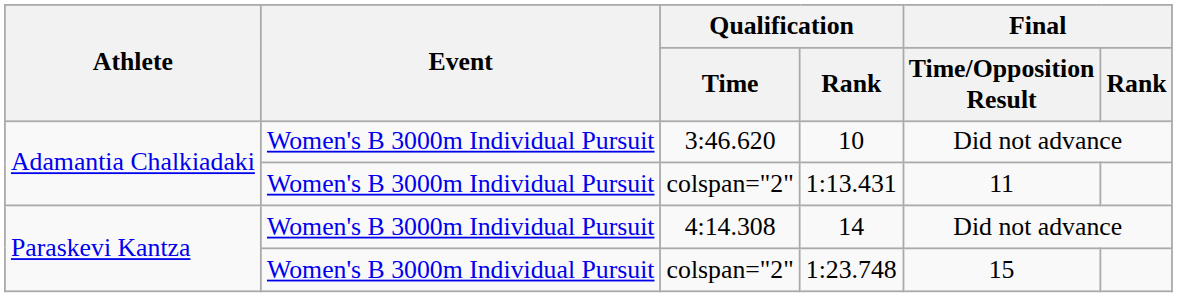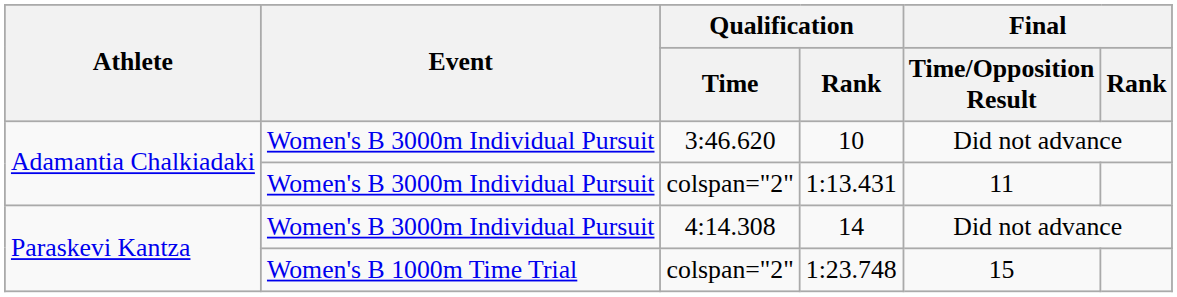 <table class=wikitable style="font-size:90%">
 <tr>
 <th rowspan="2">Athlete</th>
 <th rowspan="2">Event</th>
 <th colspan="2">Qualification</th>
 <th colspan="2">Final</th>
 </tr>
 <tr>
 <th>Time</th>
 <th>Rank</th>
 <th>Time/Opposition<br>Result</th>
 <th>Rank</th>
 </tr>
 <tr align=center>
 <td align=left rowspan=2><a href='#'>Adamantia Chalkiadaki</a></td>
 <td align=left><a href='#'>Women's B 3000m Individual Pursuit</a></td>
 <td>3:46.620</td>
 <td>10</td>
 <td colspan=2>Did not advance</td>
 </tr>
 <tr align=center>
 <td align=left><a href='#'>Women's B 3000m Individual Pursuit</a></td>
 <td>colspan="2" </td>
 <td>1:13.431</td>
 <td>11</td>
 </tr>
 <tr align=center>
 <td align=left rowspan=2><a href='#'>Paraskevi Kantza</a></td>
 <td align=left><a href='#'>Women's B 3000m Individual Pursuit</a></td>
 <td>4:14.308</td>
 <td>14</td>
 <td colspan=2>Did not advance</td>
 </tr>
 <tr align=center>
-<td align=left><a href='#'>Women's B 3000m Individual Pursuit</a></td>
+<td align=left><a href='#'>Women's B 1000m Time Trial</a></td>
 <td>colspan="2" </td>
 <td>1:23.748</td>
 <td>15</td>
 </tr>
 </table>
